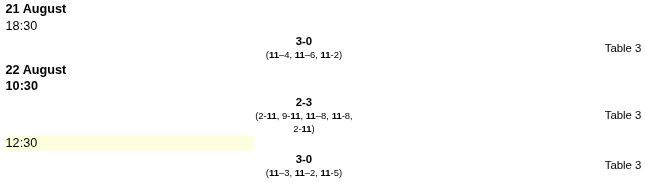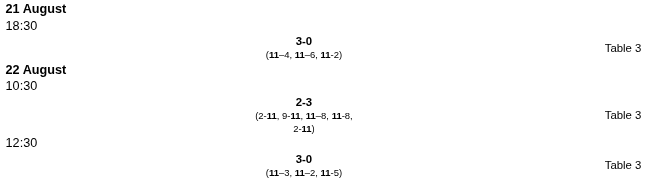 <table style="width:100%;" cellspacing="1">
 <tr>
 <th width=25%></th>
 <th width=10%></th>
 <th width=25%></th>
 </tr>
 <tr>
 <td><strong>21 August</strong></td>
 </tr>
 <tr>
 <td>18:30</td>
 </tr>
 <tr style=font-size:90%>
 <td align=right><strong></strong></td>
 <td align=center><strong> 3-0 </strong><br><small>(<strong>11</strong>–4, <strong>11</strong>–6, <strong>11</strong>-2)</small></td>
 <td></td>
 <td>Table 3</td>
 </tr>
 <tr>
 <td><strong>22 August</strong></td>
 </tr>
 <tr>
-<td><strong>10:30</strong></td>
+<td>10:30</td>
 </tr>
 <tr style=font-size:90%>
 <td align=right></td>
 <td align=center><strong> 2-3 </strong><br><small>(2-<strong>11</strong>, 9-<strong>11</strong>, <strong>11</strong>–8, <strong>11</strong>-8, 2-<strong>11</strong>)</small></td>
 <td><strong></strong></td>
 <td>Table 3</td>
 </tr>
 <tr>
-<td style="background: lightyellow;">12:30</td>
+<td>12:30</td>
 </tr>
 <tr style=font-size:90%>
 <td align=right><strong></strong></td>
 <td align=center><strong> 3-0 </strong><br><small>(<strong>11</strong>–3, <strong>11</strong>–2, <strong>11</strong>-5)</small></td>
 <td></td>
 <td>Table 3</td>
 </tr>
 </table>
